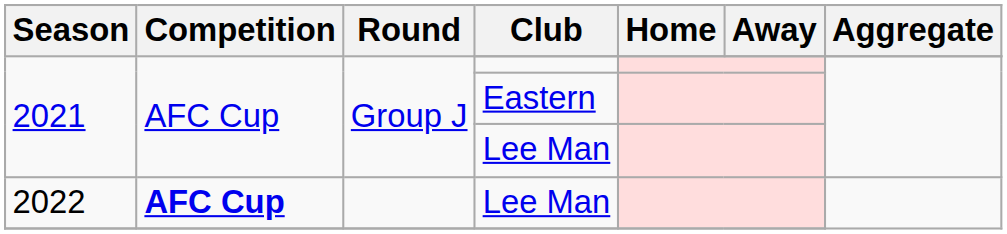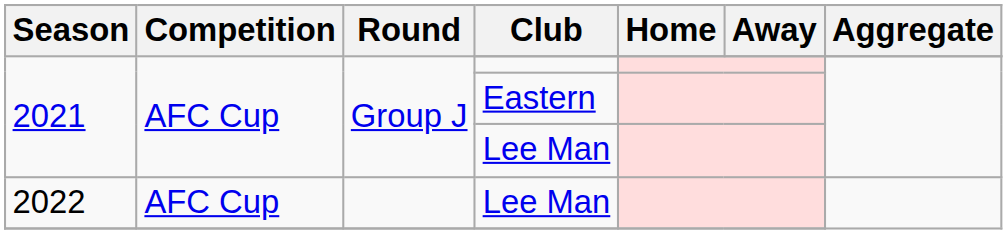 <table class="wikitable">
 <tr>
 <th>Season</th>
 <th>Competition</th>
 <th>Round</th>
 <th>Club</th>
 <th>Home</th>
 <th>Away</th>
 <th>Aggregate</th>
 </tr>
 <tr>
 <td rowspan="4"><a href='#'>2021</a></td>
 <td rowspan="4"><a href='#'>AFC Cup</a></td>
 <td rowspan="4"><a href='#'>Group J</a></td>
 </tr>
 <tr>
 <td></td>
 <td colspan=2 style="background:#fdd;"></td>
 <td rowspan=3></td>
 </tr>
 <tr>
 <td> <a href='#'>Eastern</a></td>
 <td colspan=2 style="background:#fdd;"></td>
 </tr>
 <tr>
 <td> <a href='#'>Lee Man</a></td>
 <td colspan=2 style="background:#fdd;"></td>
 </tr>
 <tr>
 <td rowspan=1>2022</td>
-<td rowspan=1><strong><a href='#'>AFC Cup</a></strong></td>
+<td rowspan=1><a href='#'>AFC Cup</a></td>
 <td rowspan=1></td>
 <td> <a href='#'>Lee Man</a></td>
 <td colspan=2 style="background:#fdd;"></td>
 <td rowspan=3></td>
 </tr>
 <tr>
 </tr>
 </table>
